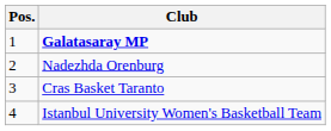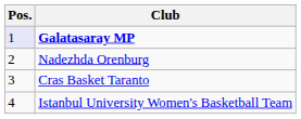 <table class="wikitable">
 <tr>
 <th>Pos.</th>
 <th>Club</th>
 </tr>
 <tr>
-<td>1</td>
+<td style="background: lavender;">1</td>
 <td> <strong><a href='#'>Galatasaray MP</a></strong></td>
 </tr>
 <tr>
 <td>2</td>
 <td> <a href='#'>Nadezhda Orenburg</a></td>
 </tr>
 <tr>
 <td>3</td>
 <td> <a href='#'>Cras Basket Taranto</a></td>
 </tr>
 <tr>
 <td>4</td>
 <td> <a href='#'>Istanbul University Women's Basketball Team</a></td>
 </tr>
 </table>
